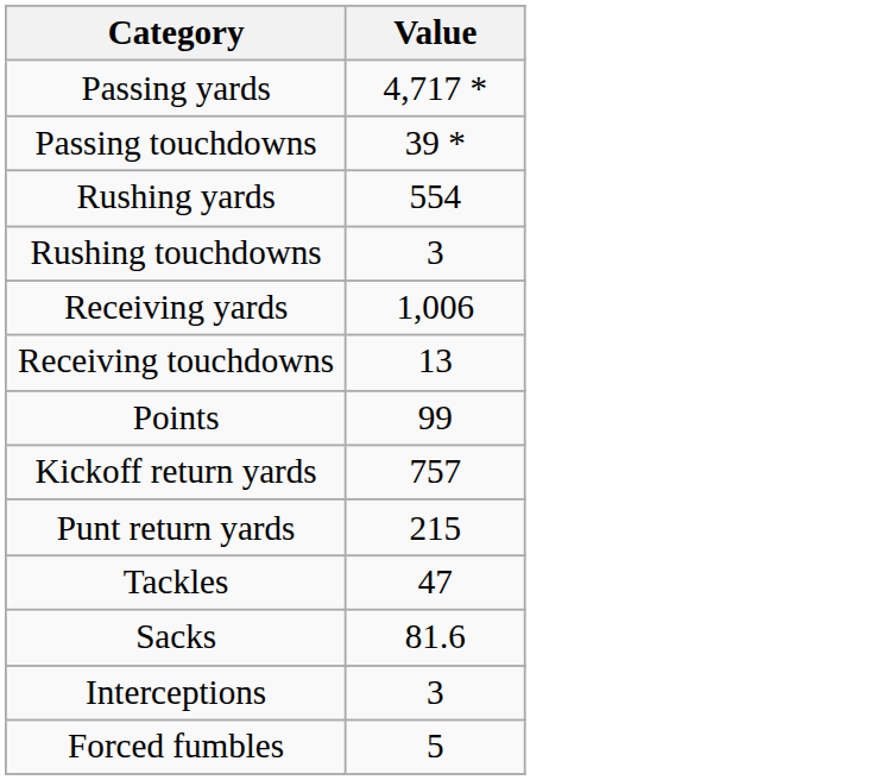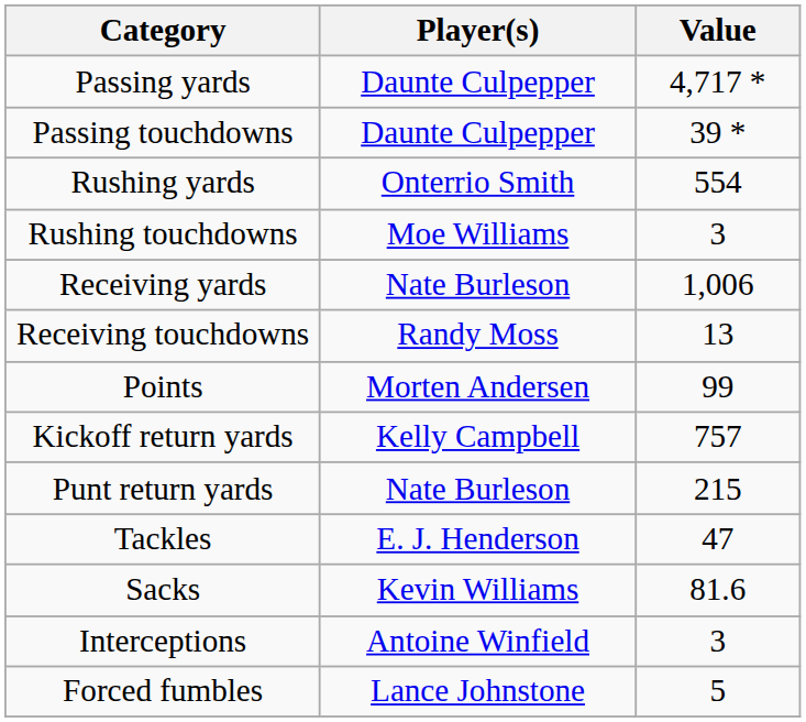 <table class="wikitable" style="text-align:center">
 <tr>
 <th width=150px>Category</th>
+<th width=150px>Player(s)</th>
 <th width=75px>Value</th>
 </tr>
 <tr>
 <td>Passing yards</td>
+<td><a href='#'>Daunte Culpepper</a></td>
 <td>4,717 *</td>
 </tr>
 <tr>
 <td>Passing touchdowns</td>
+<td><a href='#'>Daunte Culpepper</a></td>
 <td>39 *</td>
 </tr>
 <tr>
 <td>Rushing yards</td>
+<td><a href='#'>Onterrio Smith</a></td>
 <td>554</td>
 </tr>
 <tr>
 <td>Rushing touchdowns</td>
+<td><a href='#'>Moe Williams</a></td>
 <td>3</td>
 </tr>
 <tr>
 <td>Receiving yards</td>
+<td><a href='#'>Nate Burleson</a></td>
 <td>1,006</td>
 </tr>
 <tr>
 <td>Receiving touchdowns</td>
+<td><a href='#'>Randy Moss</a></td>
 <td>13</td>
 </tr>
 <tr>
 <td>Points</td>
+<td><a href='#'>Morten Andersen</a></td>
 <td>99</td>
 </tr>
 <tr>
 <td>Kickoff return yards</td>
+<td><a href='#'>Kelly Campbell</a></td>
 <td>757</td>
 </tr>
 <tr>
 <td>Punt return yards</td>
+<td><a href='#'>Nate Burleson</a></td>
 <td>215</td>
 </tr>
 <tr>
 <td>Tackles</td>
+<td><a href='#'>E. J. Henderson</a></td>
 <td>47</td>
 </tr>
 <tr>
 <td>Sacks</td>
+<td><a href='#'>Kevin Williams</a></td>
 <td>81.6</td>
 </tr>
 <tr>
 <td>Interceptions</td>
+<td><a href='#'>Antoine Winfield</a></td>
 <td>3</td>
 </tr>
 <tr>
 <td>Forced fumbles</td>
+<td><a href='#'>Lance Johnstone</a></td>
 <td>5</td>
 </tr>
 </table>
